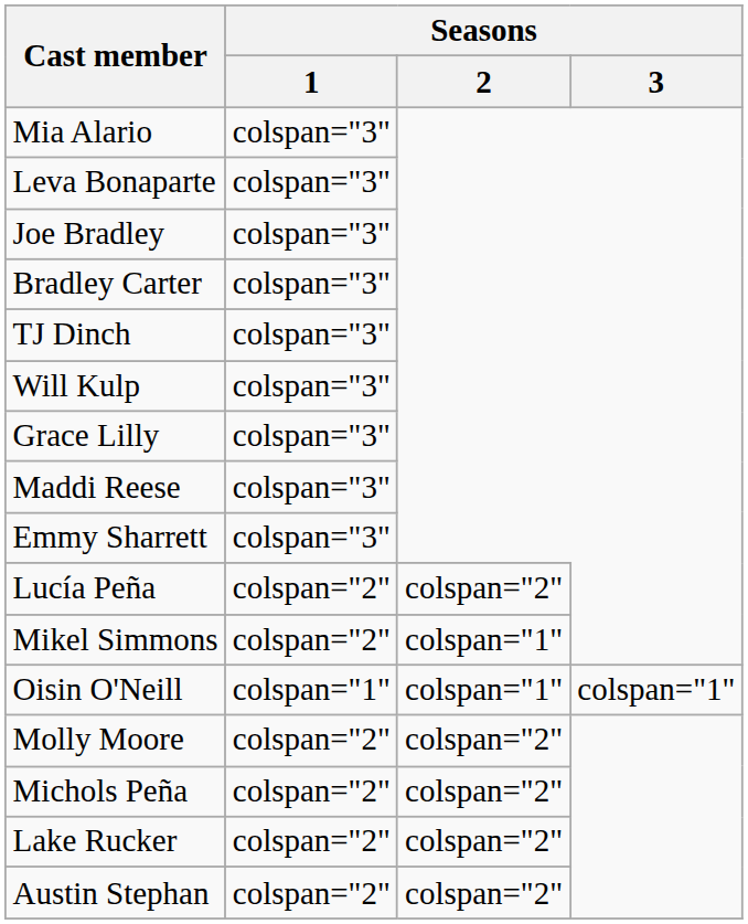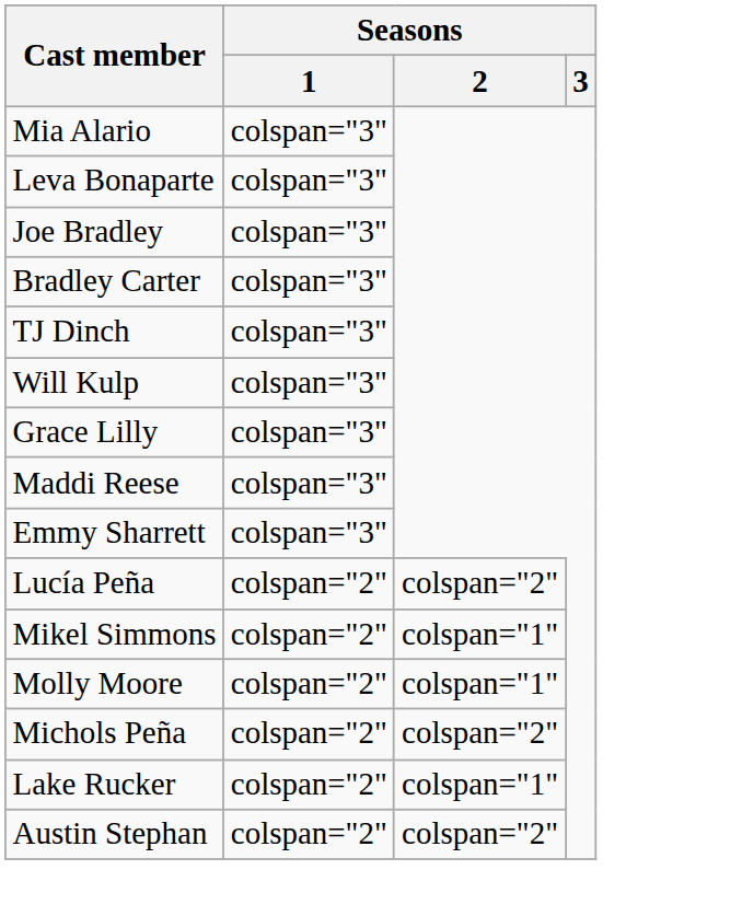 <table class="wikitable plainrowheaders">
 <tr>
 <th rowspan="2">Cast member</th>
 <th colspan="3">Seasons</th>
 </tr>
 <tr>
 <th>1</th>
 <th>2</th>
 <th>3</th>
 </tr>
 <tr>
 <td>Mia Alario</td>
 <td>colspan="3" </td>
 </tr>
 <tr>
 <td>Leva Bonaparte</td>
 <td>colspan="3" </td>
 </tr>
 <tr>
 <td>Joe Bradley</td>
 <td>colspan="3" </td>
 </tr>
 <tr>
 <td>Bradley Carter</td>
 <td>colspan="3" </td>
 </tr>
 <tr>
 <td>TJ Dinch</td>
 <td>colspan="3" </td>
 </tr>
 <tr>
 <td>Will Kulp</td>
 <td>colspan="3" </td>
 </tr>
 <tr>
 <td>Grace Lilly</td>
 <td>colspan="3" </td>
 </tr>
 <tr>
 <td>Maddi Reese</td>
 <td>colspan="3" </td>
 </tr>
 <tr>
 <td>Emmy Sharrett</td>
 <td>colspan="3" </td>
 </tr>
 <tr>
 <td>Lucía Peña</td>
 <td>colspan="2" </td>
 <td>colspan="2" </td>
 </tr>
 <tr>
 <td>Mikel Simmons</td>
 <td>colspan="2" </td>
 <td>colspan="1" </td>
 </tr>
 <tr>
-<td>Oisin O'Neill</td>
-<td>colspan="1" </td>
-<td>colspan="1" </td>
-<td>colspan="1" </td>
-</tr>
-<tr>
 <td>Molly Moore</td>
 <td>colspan="2" </td>
-<td>colspan="2" </td>
+<td>colspan="1" </td>
 </tr>
 <tr>
 <td>Michols Peña</td>
 <td>colspan="2" </td>
 <td>colspan="2" </td>
 </tr>
 <tr>
 <td>Lake Rucker</td>
 <td>colspan="2" </td>
-<td>colspan="2" </td>
+<td>colspan="1" </td>
 </tr>
 <tr>
 <td>Austin Stephan</td>
 <td>colspan="2" </td>
 <td>colspan="2" </td>
 </tr>
 </table>
